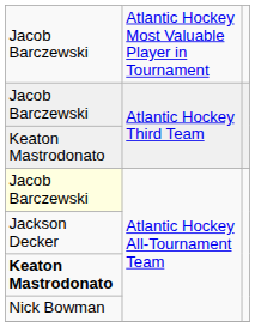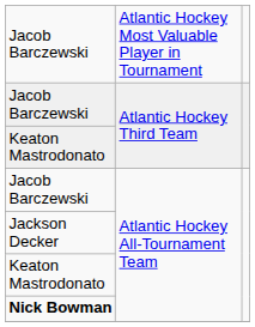 <table class="wikitable" width=40%>
 <tr>
 <td>Jacob Barczewski</td>
 <td><a href='#'>Atlantic Hockey Most Valuable Player in Tournament</a></td>
 <td></td>
 </tr>
 <tr bgcolor=f0f0f0>
 <td>Jacob Barczewski</td>
 <td rowspan=2><a href='#'>Atlantic Hockey Third Team</a></td>
 <td rowspan=2></td>
 </tr>
 <tr bgcolor=f0f0f0>
 <td>Keaton Mastrodonato</td>
 </tr>
 <tr>
-<td style="background: lightyellow;">Jacob Barczewski</td>
+<td>Jacob Barczewski</td>
 <td rowspan=4><a href='#'>Atlantic Hockey All-Tournament Team</a></td>
 <td rowspan=4></td>
 </tr>
 <tr>
 <td>Jackson Decker</td>
 </tr>
 <tr>
-<td><strong>Keaton Mastrodonato</strong></td>
+<td>Keaton Mastrodonato</td>
 </tr>
 <tr>
-<td>Nick Bowman</td>
+<td><strong>Nick Bowman</strong></td>
 </tr>
 <tr>
 </tr>
 </table>
